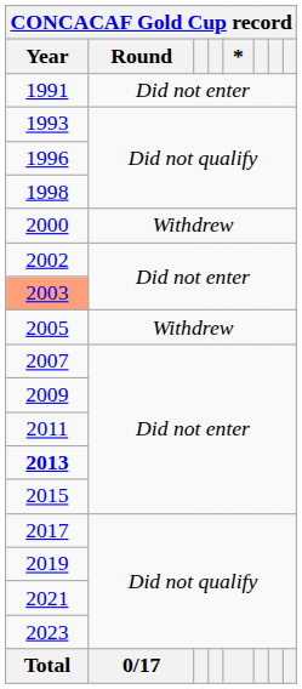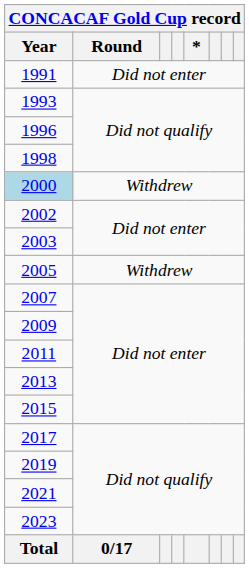 <table class="wikitable" style="text-align: center;">
 <tr>
 <th colspan=8><a href='#'>CONCACAF Gold Cup</a> record</th>
 </tr>
 <tr>
 <th>Year</th>
 <th>Round</th>
 <th></th>
 <th></th>
 <th>*</th>
 <th></th>
 <th></th>
 <th></th>
 </tr>
 <tr>
 <td> <a href='#'>1991</a></td>
 <td colspan=7><em>Did not enter</em></td>
 </tr>
 <tr>
 <td>  <a href='#'>1993</a></td>
 <td colspan=7 rowspan=3><em>Did not qualify</em></td>
 </tr>
 <tr>
 <td> <a href='#'>1996</a></td>
 </tr>
 <tr>
 <td> <a href='#'>1998</a></td>
 </tr>
 <tr>
-<td> <a href='#'>2000</a></td>
+<td style="background: lightblue;"> <a href='#'>2000</a></td>
 <td colspan=7><em>Withdrew</em></td>
 </tr>
 <tr>
 <td> <a href='#'>2002</a></td>
 <td colspan=7 rowspan=2><em>Did not enter</em></td>
 </tr>
 <tr>
-<td style="background: lightsalmon;">  <a href='#'>2003</a></td>
+<td>  <a href='#'>2003</a></td>
 </tr>
 <tr>
 <td> <a href='#'>2005</a></td>
 <td colspan=7><em>Withdrew</em></td>
 </tr>
 <tr>
 <td> <a href='#'>2007</a></td>
 <td colspan=7 rowspan=5><em>Did not enter</em></td>
 </tr>
 <tr>
 <td> <a href='#'>2009</a></td>
 </tr>
 <tr>
 <td> <a href='#'>2011</a></td>
 </tr>
 <tr>
-<td><strong> <a href='#'>2013</a></strong></td>
+<td> <a href='#'>2013</a></td>
 </tr>
 <tr>
 <td>  <a href='#'>2015</a></td>
 </tr>
 <tr>
 <td> <a href='#'>2017</a></td>
 <td colspan=7 rowspan=4><em>Did not qualify</em></td>
 </tr>
 <tr>
 <td>   <a href='#'>2019</a></td>
 </tr>
 <tr>
 <td> <a href='#'>2021</a></td>
 </tr>
 <tr>
 <td>  <a href='#'>2023</a></td>
 </tr>
 <tr>
 <th>Total</th>
 <th>0/17</th>
 <th></th>
 <th></th>
 <th></th>
 <th></th>
 <th></th>
 <th></th>
 </tr>
 </table>
